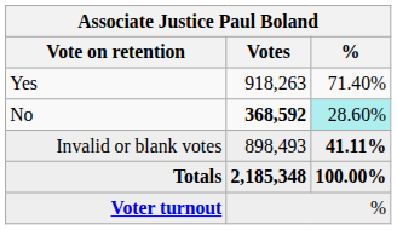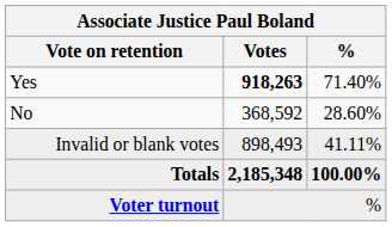 <table class="wikitable" style="font-size: 95%;">
 <tr style="background-color:#E9E9E9">
 <th colspan=7>Associate Justice Paul Boland</th>
 </tr>
 <tr style="background-color:#E9E9E9">
 <th style="width: 170px">Vote on retention</th>
 <th style="width: 50px">Votes</th>
 <th style="width: 40px">%</th>
 </tr>
 <tr>
 <td>Yes</td>
-<td align="right">918,263</td>
+<td align="right"><strong>918,263</strong></td>
 <td align="right">71.40%</td>
 </tr>
 <tr>
 <td>No</td>
-<td align="right"><strong>368,592</strong></td>
-<td align="right" style="background: paleturquoise;">28.60%</td>
+<td align="right">368,592</td>
+<td align="right">28.60%</td>
 </tr>
 <tr bgcolor="#EEEEEE">
 <td align="right">Invalid or blank votes</td>
 <td align="right">898,493</td>
-<td align="right"><strong>41.11%</strong></td>
+<td align="right">41.11%</td>
 </tr>
 <tr bgcolor="#EEEEEE">
 <td align="right"><strong>Totals</strong></td>
 <td align="right"><strong>2,185,348</strong></td>
 <td align="right"><strong>100.00%</strong></td>
 </tr>
 <tr bgcolor="#EEEEEE">
 <td align="right"><strong><a href='#'>Voter turnout</a></strong></td>
 <td colspan="2" align="right">%</td>
 </tr>
 </table>
